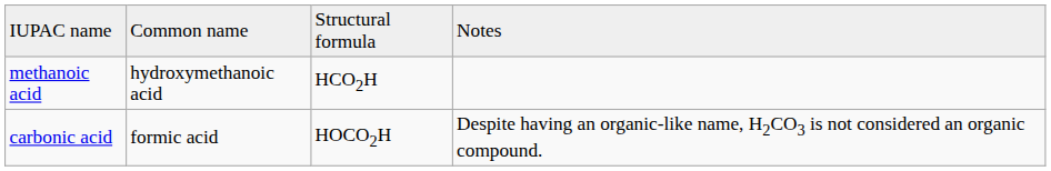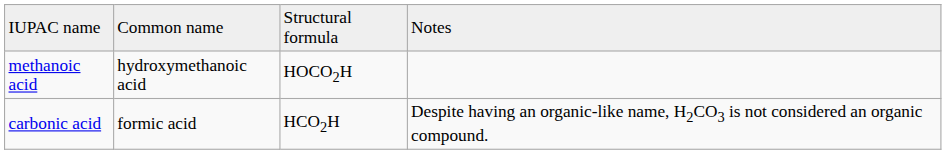 <table class="wikitable">
 <tr bgcolor="#efefef">
 <td>IUPAC name</td>
 <td>Common name</td>
 <td>Structural formula</td>
 <td>Notes</td>
 </tr>
 <tr>
 <td><a href='#'>methanoic acid</a></td>
 <td>hydroxymethanoic acid</td>
-<td>HCO<sub>2</sub>H</td>
+<td>HOCO<sub>2</sub>H</td>
 <td></td>
 </tr>
 <tr>
 <td><a href='#'>carbonic acid</a></td>
 <td>formic acid</td>
-<td>HOCO<sub>2</sub>H</td>
+<td>HCO<sub>2</sub>H</td>
 <td>Despite having an organic-like name, H<sub>2</sub>CO<sub>3</sub> is not considered an organic compound.</td>
 </tr>
 </table>
